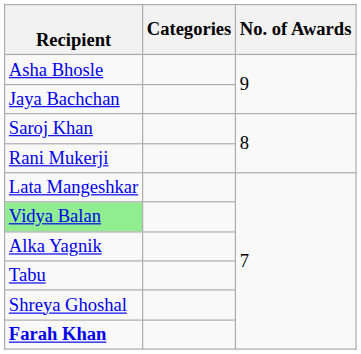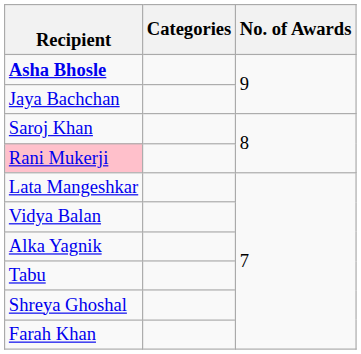 <table class="wikitable">
 <tr>
 <th><br>Recipient</th>
 <th>Categories</th>
 <th>No. of Awards</th>
 </tr>
 <tr>
-<td><a href='#'>Asha Bhosle</a></td>
+<td><strong><a href='#'>Asha Bhosle</a></strong></td>
 <td><br></td>
 <td rowspan="2">9</td>
 </tr>
 <tr>
 <td><a href='#'>Jaya Bachchan</a></td>
 <td><br></td>
 </tr>
 <tr>
 <td><a href='#'>Saroj Khan</a></td>
 <td></td>
 <td rowspan="2">8</td>
 </tr>
 <tr>
-<td><a href='#'>Rani Mukerji</a></td>
+<td style="background: pink;"><a href='#'>Rani Mukerji</a></td>
 <td><br></td>
 </tr>
 <tr>
 <td><a href='#'>Lata Mangeshkar</a></td>
 <td><br></td>
 <td rowspan="6">7</td>
 </tr>
 <tr>
-<td style="background: lightgreen;"><a href='#'>Vidya Balan</a></td>
+<td><a href='#'>Vidya Balan</a></td>
 <td><br></td>
 </tr>
 <tr>
 <td><a href='#'>Alka Yagnik</a></td>
 <td><br></td>
 </tr>
 <tr>
 <td><a href='#'>Tabu</a></td>
 <td><br></td>
 </tr>
 <tr>
 <td><a href='#'>Shreya Ghoshal</a></td>
 <td><br></td>
 </tr>
 <tr>
-<td><strong><a href='#'>Farah Khan</a></strong></td>
+<td><a href='#'>Farah Khan</a></td>
 <td></td>
 </tr>
 </table>
